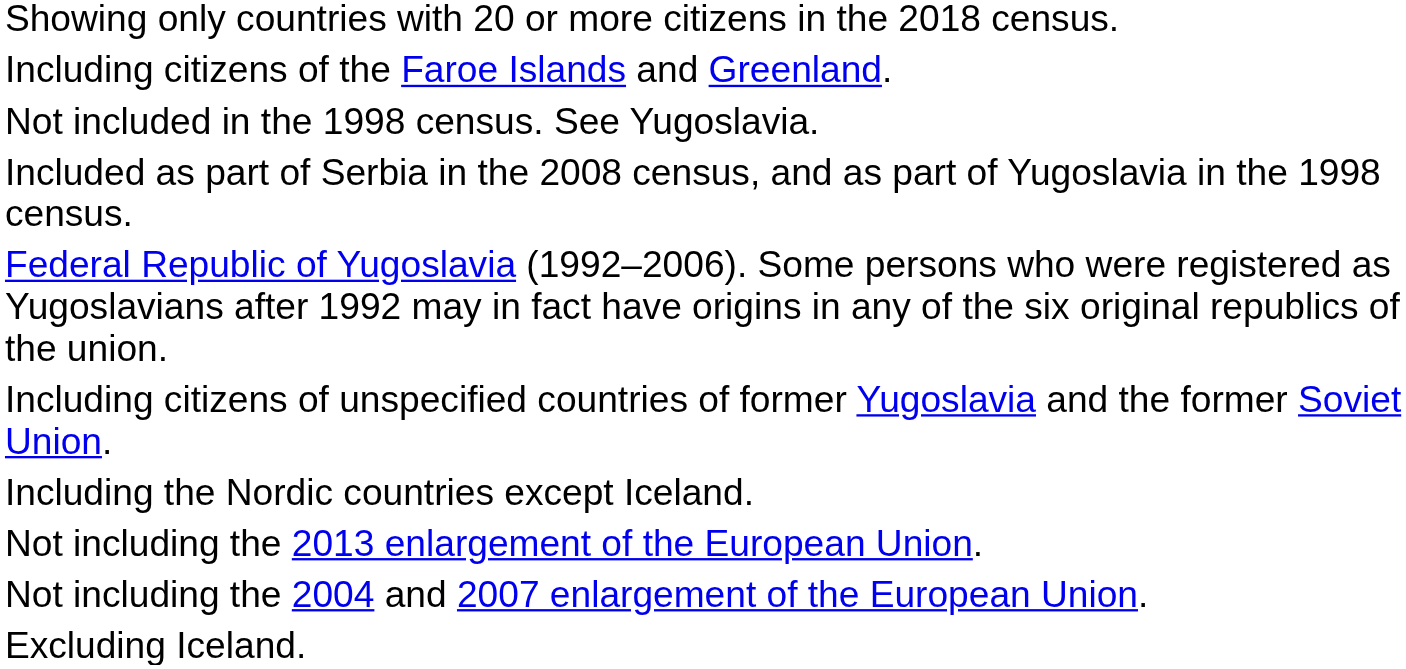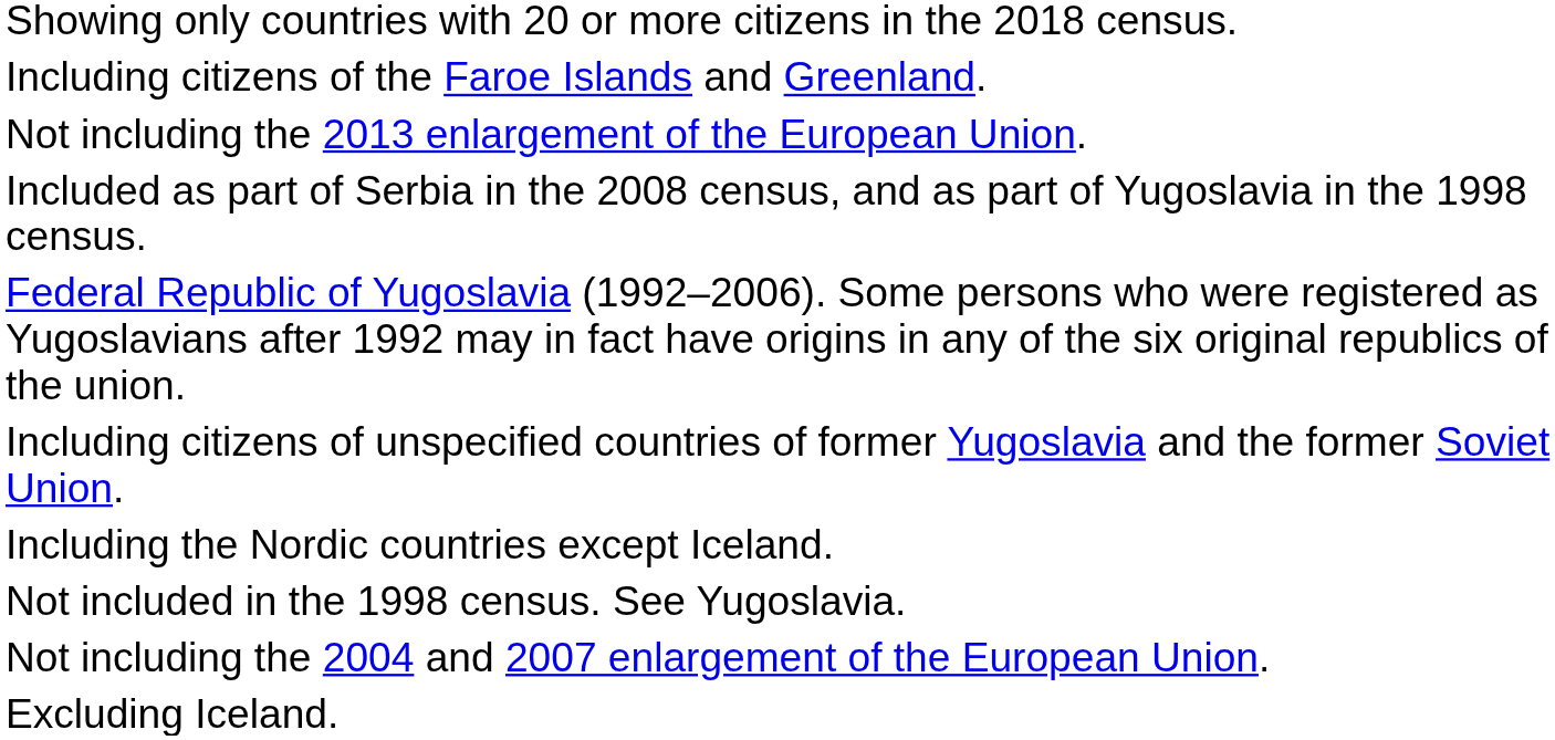 <table style="text-align:left">
 <tr>
 <td> Showing only countries with 20 or more citizens in the 2018 census.</td>
 </tr>
 <tr>
 <td> Including citizens of the <a href='#'>Faroe Islands</a> and <a href='#'>Greenland</a>.</td>
 </tr>
 <tr>
-<td> Not included in the 1998 census. See Yugoslavia.</td>
+<td> Not including the <a href='#'>2013 enlargement of the European Union</a>.</td>
 </tr>
 <tr>
 <td> Included as part of Serbia in the 2008 census, and as part of Yugoslavia in the 1998 census.</td>
 </tr>
 <tr>
 <td> <a href='#'>Federal Republic of Yugoslavia</a> (1992–2006). Some persons who were registered as Yugoslavians after 1992 may in fact have origins in any of the six original republics of the union.</td>
 </tr>
 <tr>
 <td> Including citizens of unspecified countries of former <a href='#'>Yugoslavia</a> and the former <a href='#'>Soviet Union</a>.</td>
 </tr>
 <tr>
 <td> Including the Nordic countries except Iceland.</td>
 </tr>
 <tr>
-<td> Not including the <a href='#'>2013 enlargement of the European Union</a>.</td>
+<td> Not included in the 1998 census. See Yugoslavia.</td>
 </tr>
 <tr>
 <td> Not including the <a href='#'>2004</a> and <a href='#'>2007 enlargement of the European Union</a>.</td>
 </tr>
 <tr>
 <td> Excluding Iceland.</td>
 </tr>
 </table>
